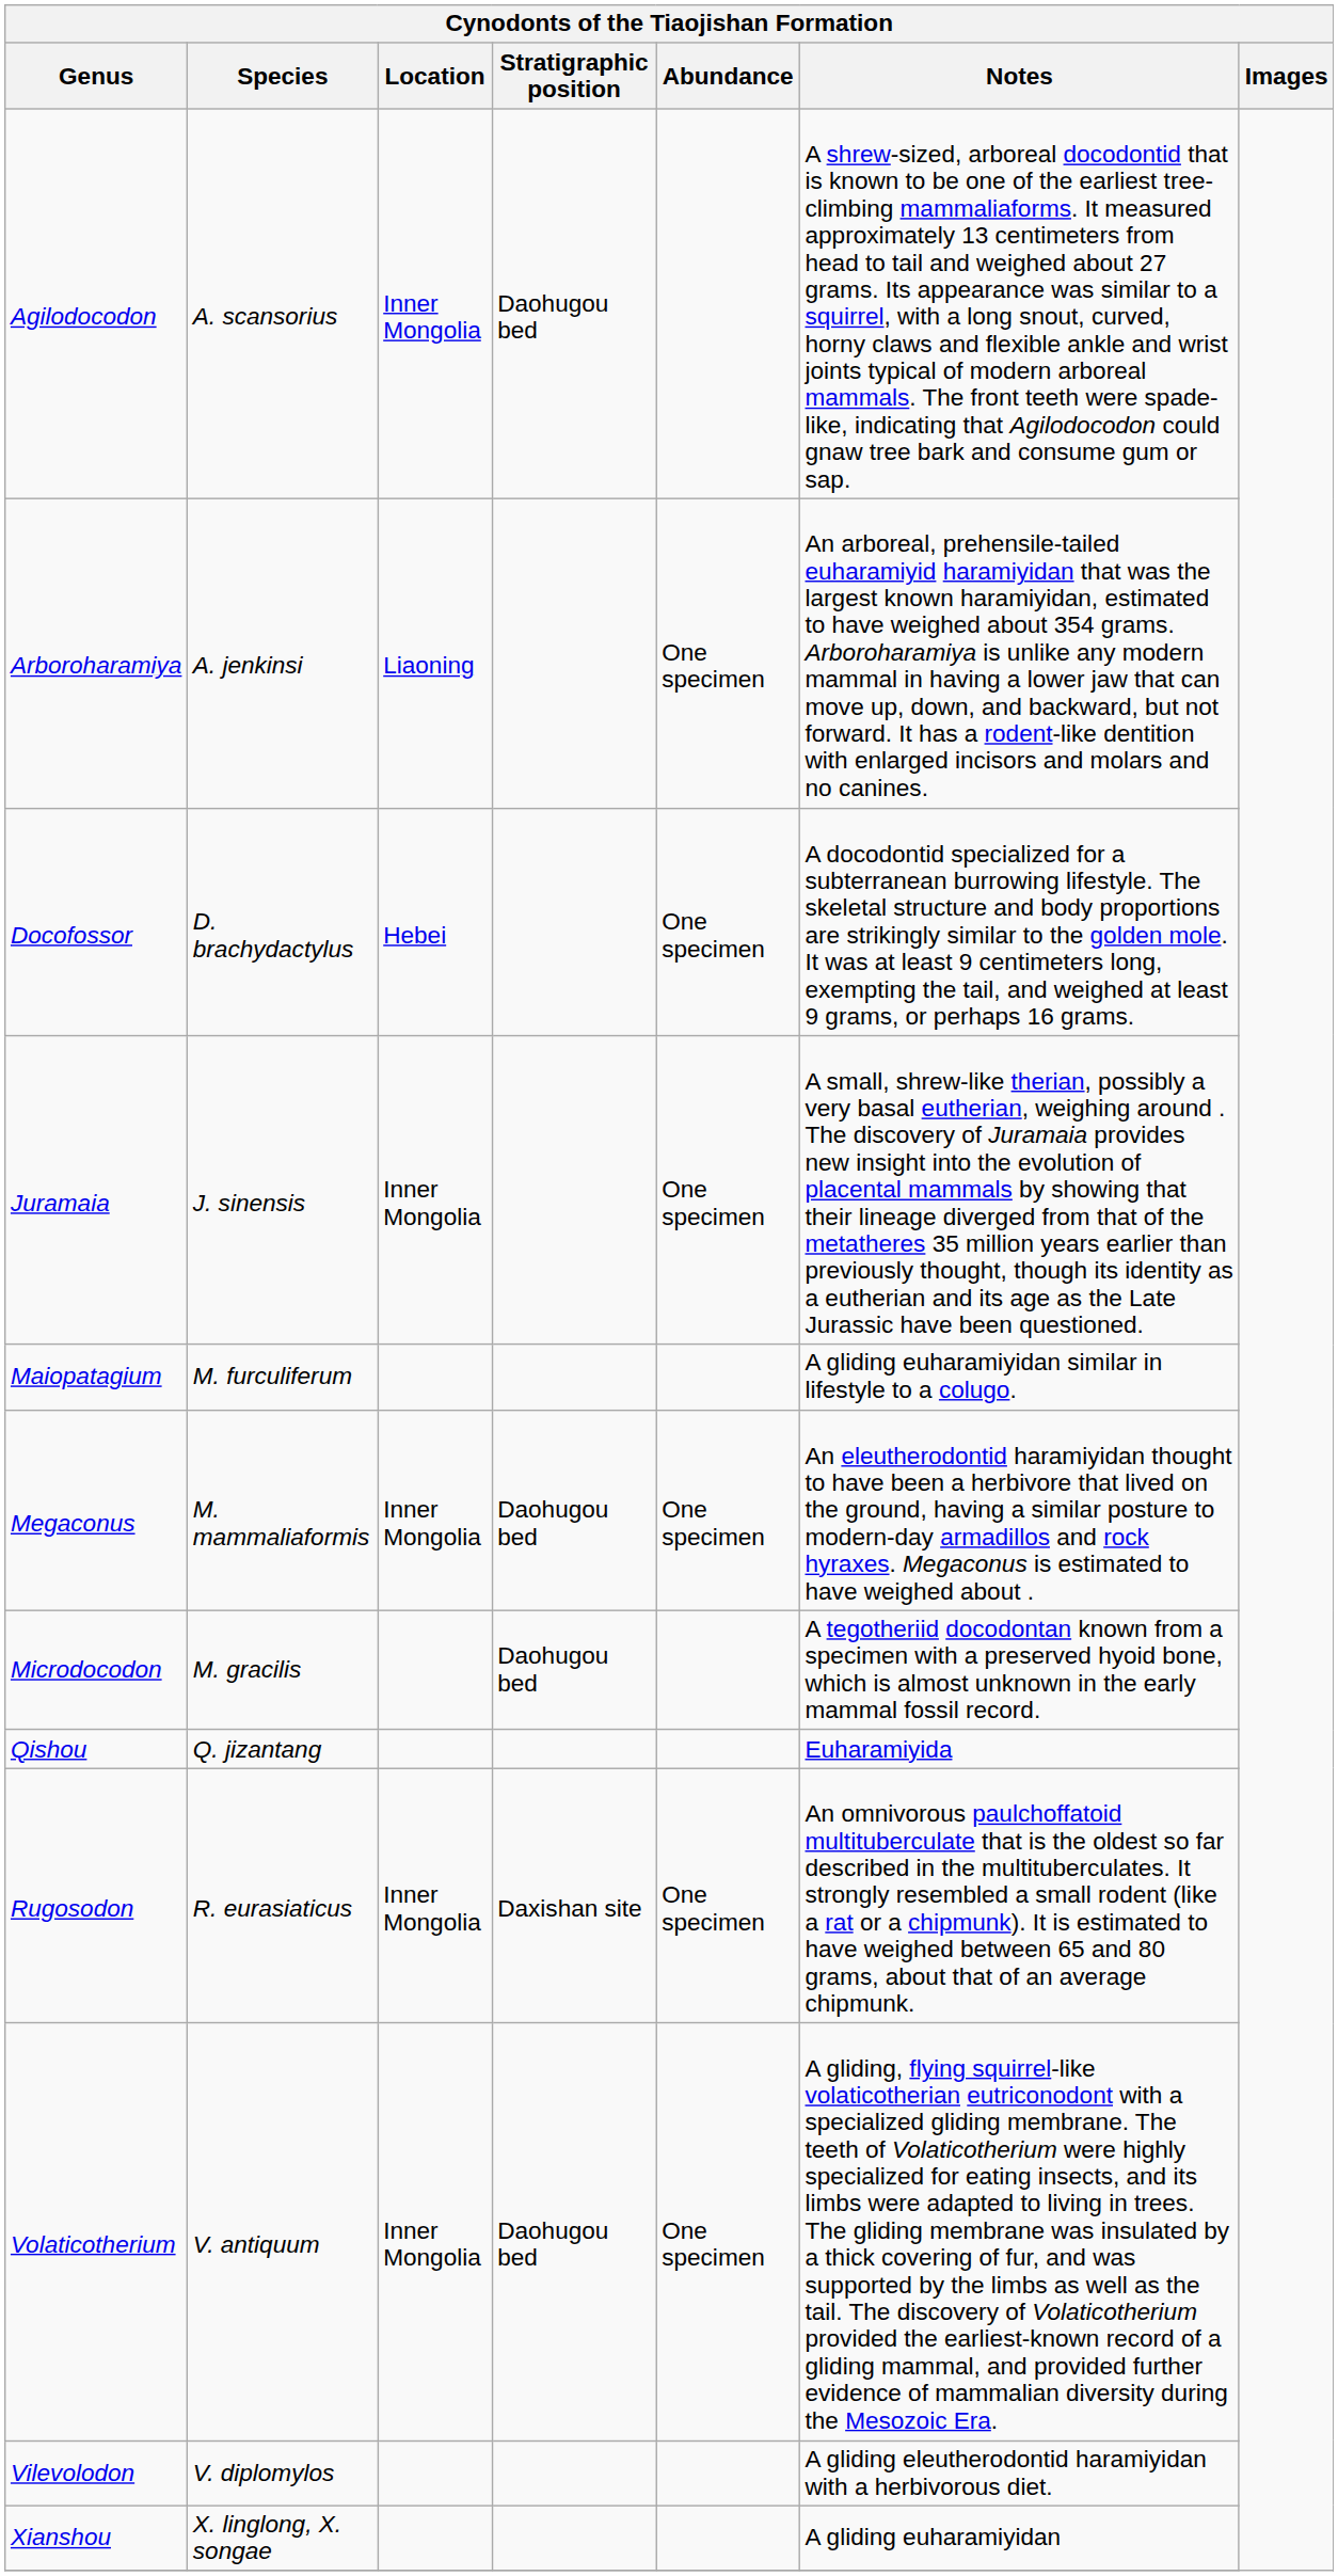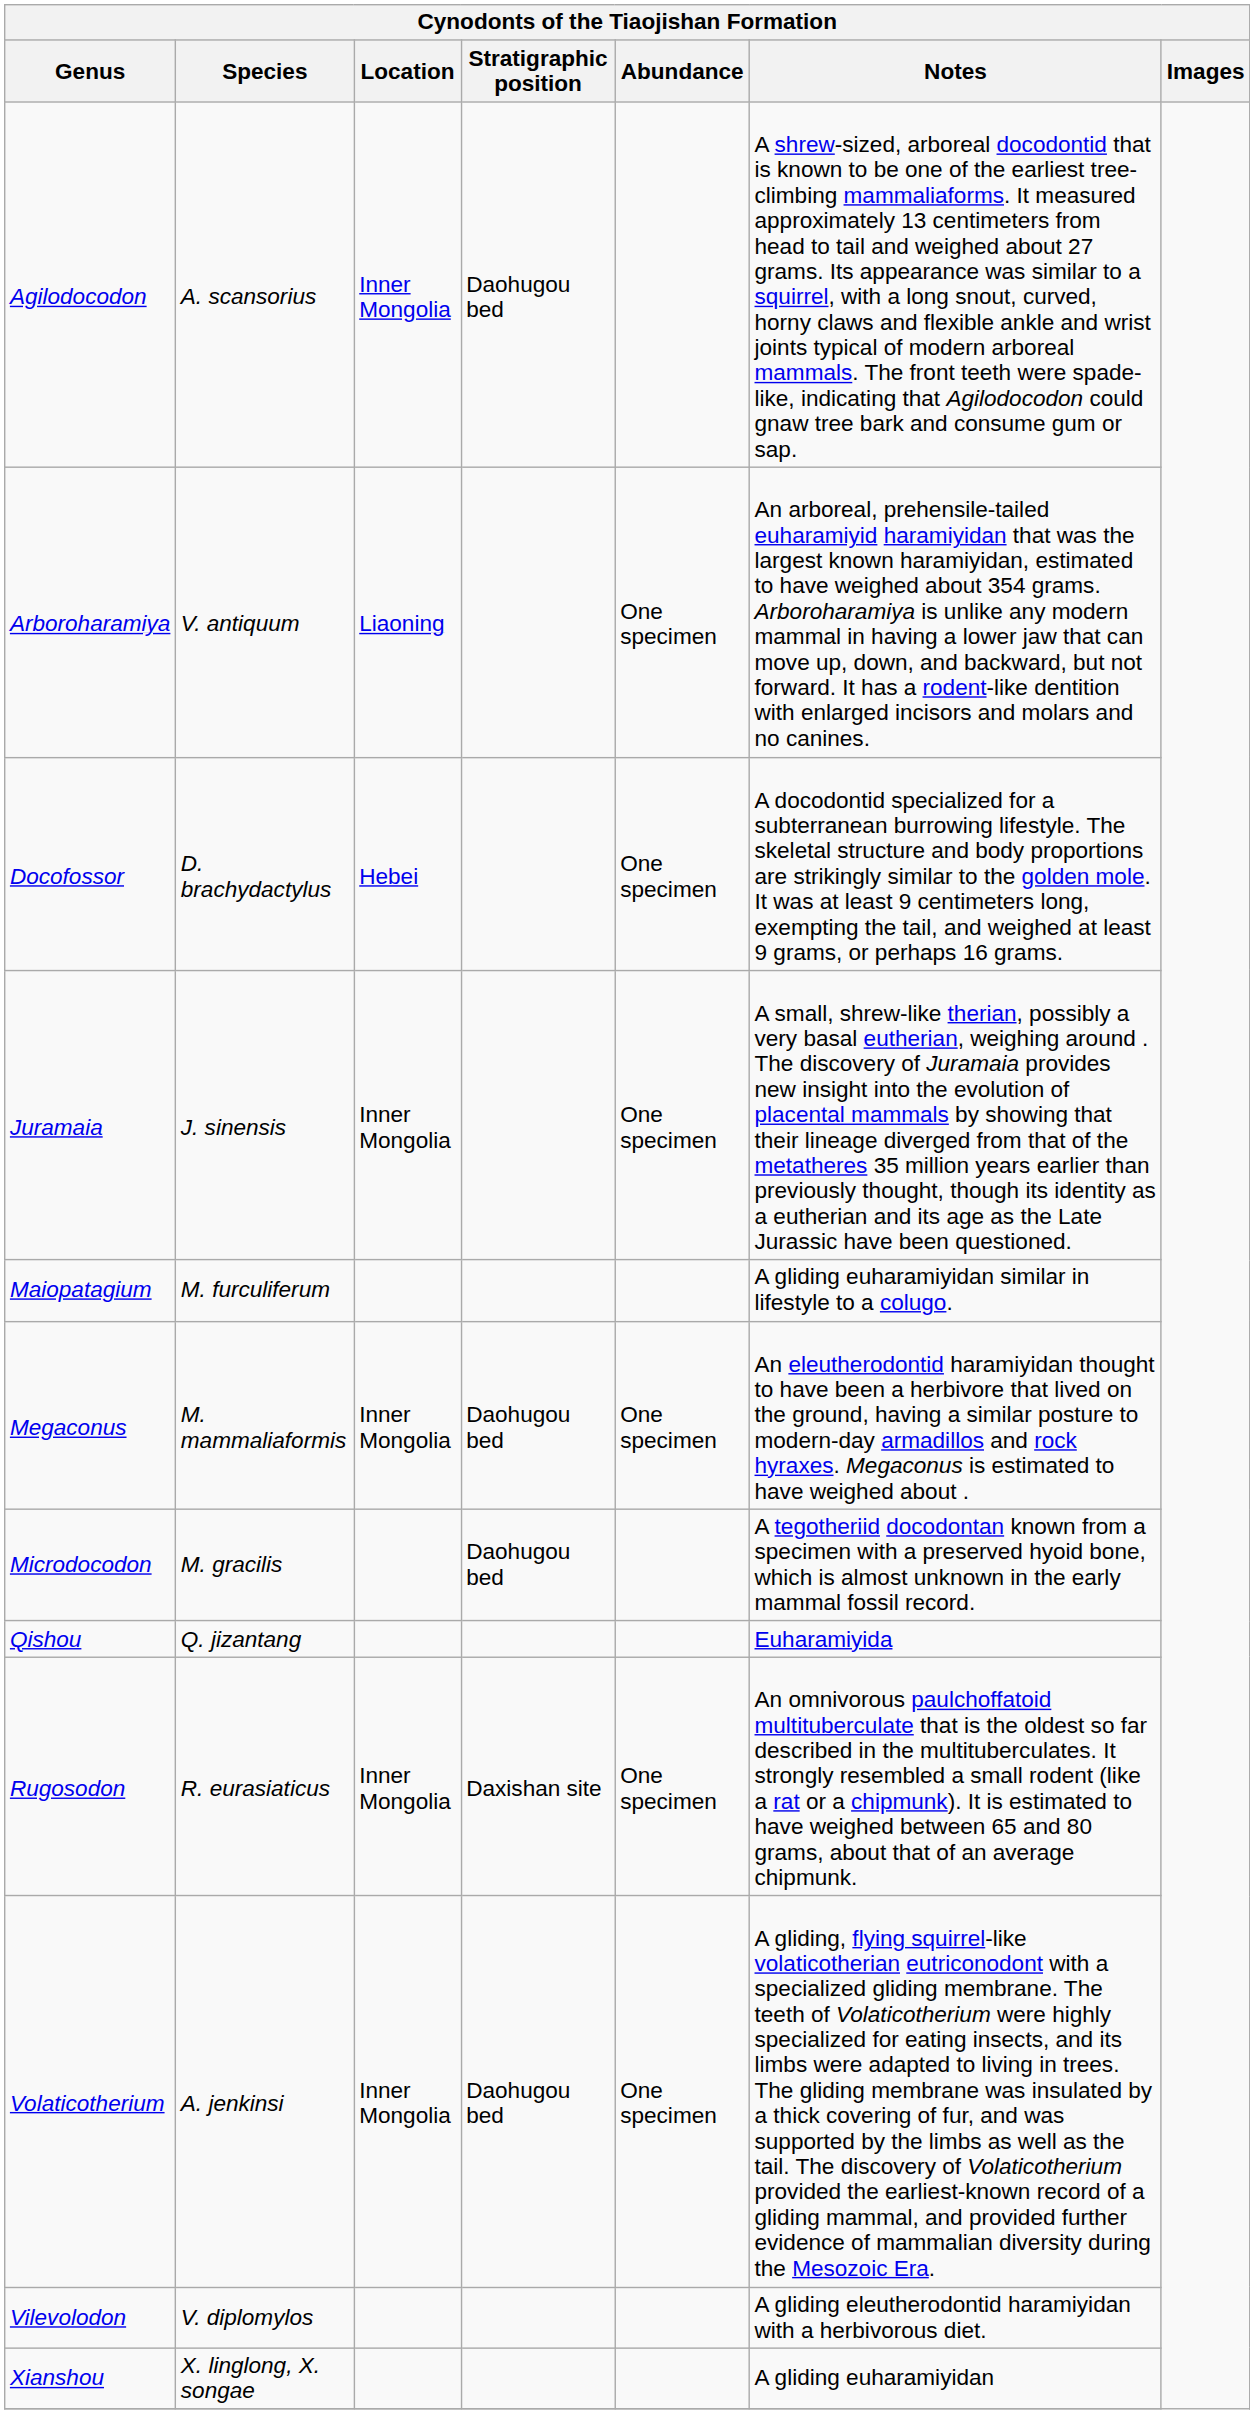 <table class="wikitable" align="center" width="100%">
 <tr>
 <th colspan="7" align="center"><strong>Cynodonts of the Tiaojishan Formation</strong></th>
 </tr>
 <tr>
 <th>Genus</th>
 <th>Species</th>
 <th>Location</th>
 <th>Stratigraphic position</th>
 <th>Abundance</th>
 <th>Notes</th>
 <th>Images</th>
 </tr>
 <tr>
 <td><br><em><a href='#'>Agilodocodon</a></em></td>
 <td><br><em>A. scansorius</em></td>
 <td><br><a href='#'>Inner Mongolia</a></td>
 <td><br>Daohugou bed</td>
 <td></td>
 <td><br>A <a href='#'>shrew</a>-sized, arboreal <a href='#'>docodontid</a> that is known to be one of the earliest tree-climbing <a href='#'>mammaliaforms</a>. It measured approximately 13 centimeters from head to tail and weighed about 27 grams. Its appearance was similar to a <a href='#'>squirrel</a>, with a long snout, curved, horny claws and flexible ankle and wrist joints typical of modern arboreal <a href='#'>mammals</a>. The front teeth were spade-like, indicating that <em>Agilodocodon</em> could gnaw tree bark and consume gum or sap.</td>
 <td rowspan="104"><br>     </td>
 </tr>
 <tr>
 <td><br><em><a href='#'>Arboroharamiya</a></em></td>
-<td><br><em>A. jenkinsi</em></td>
+<td><br><em>V. antiquum</em></td>
 <td><br><a href='#'>Liaoning</a></td>
 <td></td>
 <td><br>One specimen</td>
 <td><br>An arboreal, prehensile-tailed <a href='#'>euharamiyid</a> <a href='#'>haramiyidan</a> that was the largest known haramiyidan, estimated to have weighed about 354 grams. <em>Arboroharamiya</em> is unlike any modern mammal in having a lower jaw that can move up, down, and backward, but not forward. It has a <a href='#'>rodent</a>-like dentition with enlarged incisors and molars and no canines.</td>
 </tr>
 <tr>
 <td><br><em><a href='#'>Docofossor</a></em></td>
 <td><br><em>D. brachydactylus</em></td>
 <td><br><a href='#'>Hebei</a></td>
 <td></td>
 <td><br>One specimen</td>
 <td><br>A docodontid specialized for a subterranean burrowing lifestyle. The skeletal structure and body proportions are strikingly similar to the <a href='#'>golden mole</a>. It was at least 9 centimeters long, exempting the tail, and weighed at least 9 grams, or perhaps 16 grams.</td>
 </tr>
 <tr>
 <td><br><em><a href='#'>Juramaia</a></em></td>
 <td><br><em>J. sinensis</em></td>
 <td><br>Inner Mongolia</td>
 <td></td>
 <td><br>One specimen</td>
 <td><br>A small, shrew-like <a href='#'>therian</a>, possibly a very basal <a href='#'>eutherian</a>, weighing around . The discovery of <em>Juramaia</em> provides new insight into the evolution of <a href='#'>placental mammals</a> by showing that their lineage diverged from that of the <a href='#'>metatheres</a> 35 million years earlier than previously thought, though its identity as a eutherian and its age as the Late Jurassic have been questioned.</td>
 </tr>
 <tr>
 <td><em><a href='#'>Maiopatagium</a></em></td>
 <td><em>M. furculiferum</em></td>
 <td></td>
 <td></td>
 <td></td>
 <td>A gliding euharamiyidan similar in lifestyle to a <a href='#'>colugo</a>.</td>
 </tr>
 <tr>
 <td><br><em><a href='#'>Megaconus</a></em></td>
 <td><br><em>M. mammaliaformis</em></td>
 <td><br>Inner Mongolia</td>
 <td><br>Daohugou bed</td>
 <td><br>One specimen</td>
 <td><br>An <a href='#'>eleutherodontid</a> haramiyidan thought to have been a herbivore that lived on the ground, having a similar posture to modern-day <a href='#'>armadillos</a> and <a href='#'>rock hyraxes</a>. <em>Megaconus</em> is estimated to have weighed about .</td>
 </tr>
 <tr>
 <td><em><a href='#'>Microdocodon</a></em></td>
 <td><em>M. gracilis</em></td>
 <td></td>
 <td>Daohugou bed</td>
 <td></td>
 <td>A <a href='#'>tegotheriid</a> <a href='#'>docodontan</a> known from a specimen with a preserved hyoid bone, which is almost unknown in the early mammal fossil record.</td>
 </tr>
 <tr>
 <td><em><a href='#'>Qishou</a></em></td>
 <td><em>Q. jizantang</em></td>
 <td></td>
 <td></td>
 <td></td>
 <td><a href='#'>Euharamiyida</a></td>
 </tr>
 <tr>
 <td><br><em><a href='#'>Rugosodon</a></em></td>
 <td><br><em>R. eurasiaticus</em></td>
 <td><br>Inner Mongolia</td>
 <td><br>Daxishan site</td>
 <td><br>One specimen</td>
 <td><br>An omnivorous <a href='#'>paulchoffatoid</a> <a href='#'>multituberculate</a> that is the oldest so far described in the multituberculates. It strongly resembled a small rodent (like a <a href='#'>rat</a> or a <a href='#'>chipmunk</a>). It is estimated to have weighed between 65 and 80 grams, about that of an average chipmunk.</td>
 </tr>
 <tr>
 <td><br><em><a href='#'>Volaticotherium</a></em></td>
-<td><br><em>V. antiquum</em></td>
+<td><br><em>A. jenkinsi</em></td>
 <td><br>Inner Mongolia</td>
 <td><br>Daohugou bed</td>
 <td><br>One specimen</td>
 <td><br>A gliding, <a href='#'>flying squirrel</a>-like <a href='#'>volaticotherian</a> <a href='#'>eutriconodont</a> with a specialized gliding membrane. The teeth of <em>Volaticotherium</em> were highly specialized for eating insects, and its limbs were adapted to living in trees. The gliding membrane was insulated by a thick covering of fur, and was supported by the limbs as well as the tail. The discovery of <em>Volaticotherium</em> provided the earliest-known record of a gliding mammal, and provided further evidence of mammalian diversity during the <a href='#'>Mesozoic Era</a>.</td>
 </tr>
 <tr>
 <td><em><a href='#'>Vilevolodon</a></em></td>
 <td><em>V. diplomylos</em></td>
 <td></td>
 <td></td>
 <td></td>
 <td>A gliding eleutherodontid haramiyidan with a herbivorous diet.</td>
 </tr>
 <tr>
 <td><em><a href='#'>Xianshou</a></em></td>
 <td><em>X. linglong, X. songae</em></td>
 <td></td>
 <td></td>
 <td></td>
 <td>A gliding euharamiyidan</td>
 </tr>
 <tr>
 </tr>
 </table>
